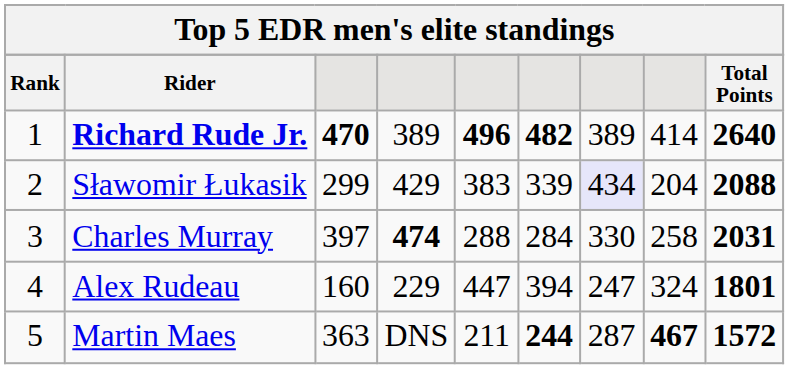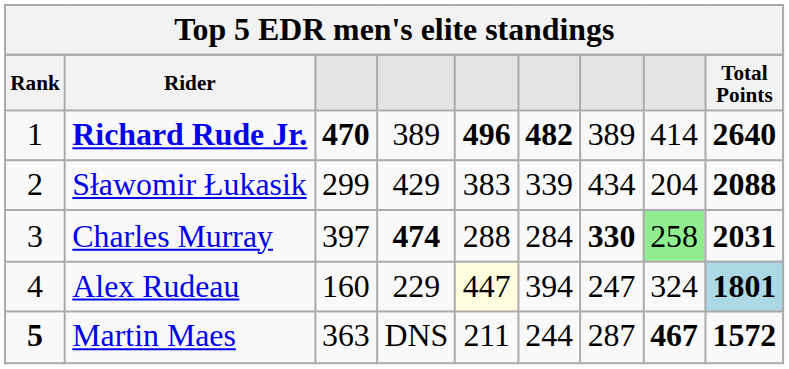 <table class="wikitable sortable">
 <tr>
 <th colspan=27 align="center"><strong>Top 5 EDR men's elite standings</strong></th>
 </tr>
 <tr>
 </tr>
 <tr style="font-size:8pt;font-weight:bold">
 <th align="center">Rank</th>
 <th align="center">Rider</th>
 <th class=unsortable style="background:#E5E4E2;"><small></small></th>
 <th class=unsortable style="background:#E5E4E2;"><small></small></th>
 <th class=unsortable style="background:#E5E4E2;"><small></small></th>
 <th class=unsortable style="background:#E5E4E2;"><small></small></th>
 <th class=unsortable style="background:#E5E4E2;"><small></small></th>
 <th class=unsortable style="background:#E5E4E2;"><small></small></th>
 <th align="center">Total<br>Points</th>
 </tr>
 <tr>
 <td align=center>1</td>
 <td> <strong><a href='#'>Richard Rude Jr.</a></strong></td>
 <td align=center><strong>470</strong></td>
 <td align=center>389</td>
 <td align=center><strong>496</strong></td>
 <td align=center><strong>482</strong></td>
 <td align=center>389</td>
 <td align=center>414</td>
 <td align=center><strong>2640</strong></td>
 </tr>
 <tr>
 <td align=center>2</td>
 <td> <a href='#'>Sławomir Łukasik</a></td>
 <td align=center>299</td>
 <td align=center>429</td>
 <td align=center>383</td>
 <td align=center>339</td>
-<td align=center style="background: lavender;">434</td>
+<td align=center>434</td>
 <td align=center>204</td>
 <td align=center><strong>2088</strong></td>
 </tr>
 <tr>
 <td align=center>3</td>
 <td> <a href='#'>Charles Murray</a></td>
 <td align=center>397</td>
 <td align=center><strong>474</strong></td>
 <td align=center>288</td>
 <td align=center>284</td>
-<td align=center>330</td>
-<td align=center>258</td>
+<td align=center><strong>330</strong></td>
+<td align=center style="background: lightgreen;">258</td>
 <td align=center><strong>2031</strong></td>
 </tr>
 <tr>
 <td align=center>4</td>
 <td> <a href='#'>Alex Rudeau</a></td>
 <td align=center>160</td>
 <td align=center>229</td>
-<td align=center>447</td>
+<td align=center style="background: lightyellow;">447</td>
 <td align=center>394</td>
 <td align=center>247</td>
 <td align=center>324</td>
-<td align=center><strong>1801</strong></td>
+<td align=center style="background: lightblue;"><strong>1801</strong></td>
 </tr>
 <tr>
-<td align=center>5</td>
+<td align=center><strong>5</strong></td>
 <td> <a href='#'>Martin Maes</a></td>
 <td align=center>363</td>
 <td align=center>DNS</td>
 <td align=center>211</td>
-<td align=center><strong>244</strong></td>
+<td align=center>244</td>
 <td align=center>287</td>
 <td align=center><strong>467</strong></td>
 <td align=center><strong>1572</strong><br></td>
 </tr>
 </table>
